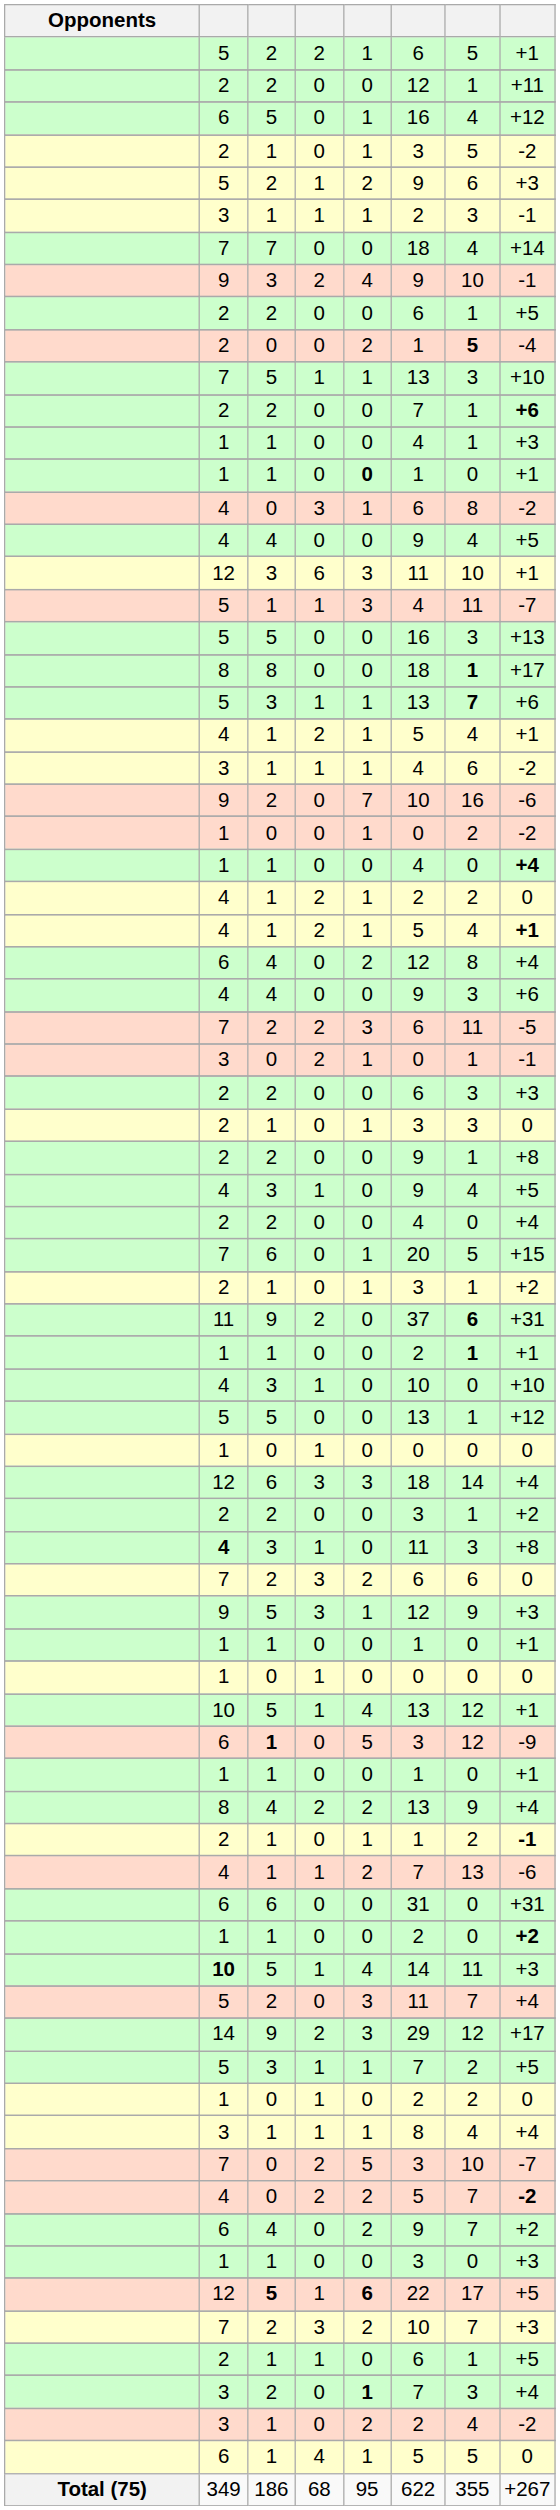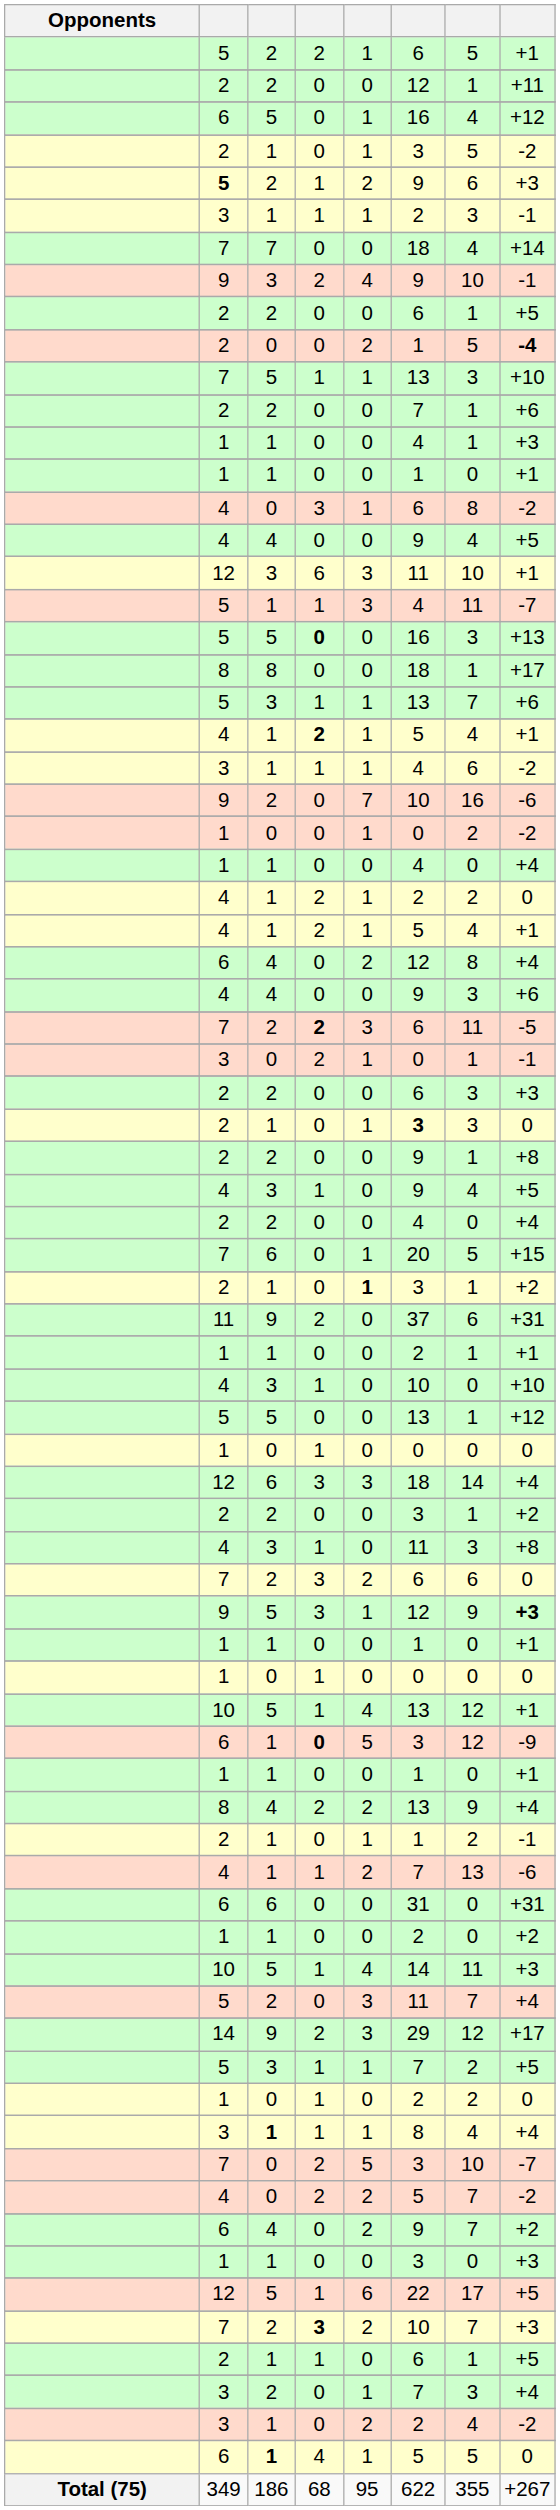 <table class="wikitable sortable collapsible collapsed" style="text-align: center; font-size: 100%;">
 <tr style="color:black;">
 <th style="width:145px;">Opponents</th>
 <th width=30></th>
 <th width=30></th>
 <th width=30></th>
 <th width=30></th>
 <th width=35></th>
 <th width=35></th>
 <th width=35></th>
 </tr>
 <tr bgcolor="#CCFFCC">
 <td style="text-align:left;"></td>
 <td>5</td>
 <td>2</td>
 <td>2</td>
 <td>1</td>
 <td>6</td>
 <td>5</td>
 <td>+1</td>
 </tr>
 <tr>
 </tr>
 <tr bgcolor="#CCFFCC">
 <td style="text-align:left;"></td>
 <td>2</td>
 <td>2</td>
 <td>0</td>
 <td>0</td>
 <td>12</td>
 <td>1</td>
 <td>+11</td>
 </tr>
 <tr>
 </tr>
 <tr bgcolor="#CCFFCC">
 <td style="text-align:left;"></td>
 <td>6</td>
 <td>5</td>
 <td>0</td>
 <td>1</td>
 <td>16</td>
 <td>4</td>
 <td>+12</td>
 </tr>
 <tr>
 </tr>
 <tr bgcolor="#FFFFCC">
 <td style="text-align:left;"></td>
 <td>2</td>
 <td>1</td>
 <td>0</td>
 <td>1</td>
 <td>3</td>
 <td>5</td>
 <td>-2</td>
 </tr>
 <tr>
 </tr>
 <tr bgcolor="#FFFFCC">
 <td style="text-align:left;"></td>
-<td>5</td>
+<td><strong>5</strong></td>
 <td>2</td>
 <td>1</td>
 <td>2</td>
 <td>9</td>
 <td>6</td>
 <td>+3</td>
 </tr>
 <tr>
 </tr>
 <tr bgcolor="#FFFFCC">
 <td style="text-align:left;"></td>
 <td>3</td>
 <td>1</td>
 <td>1</td>
 <td>1</td>
 <td>2</td>
 <td>3</td>
 <td>-1</td>
 </tr>
 <tr>
 </tr>
 <tr bgcolor="#CCFFCC">
 <td style="text-align:left;"></td>
 <td>7</td>
 <td>7</td>
 <td>0</td>
 <td>0</td>
 <td>18</td>
 <td>4</td>
 <td>+14</td>
 </tr>
 <tr>
 </tr>
 <tr bgcolor="#FFDACC">
 <td style="text-align:left;"></td>
 <td>9</td>
 <td>3</td>
 <td>2</td>
 <td>4</td>
 <td>9</td>
 <td>10</td>
 <td>-1</td>
 </tr>
 <tr>
 </tr>
 <tr bgcolor="#CCFFCC">
 <td style="text-align:left;"></td>
 <td>2</td>
 <td>2</td>
 <td>0</td>
 <td>0</td>
 <td>6</td>
 <td>1</td>
 <td>+5</td>
 </tr>
 <tr>
 </tr>
 <tr bgcolor="#FFDACC">
 <td style="text-align:left;"></td>
 <td>2</td>
 <td>0</td>
 <td>0</td>
 <td>2</td>
 <td>1</td>
-<td><strong>5</strong></td>
-<td>-4</td>
+<td>5</td>
+<td><strong>-4</strong></td>
 </tr>
 <tr>
 </tr>
 <tr bgcolor="#CCFFCC">
 <td style="text-align:left;"></td>
 <td>7</td>
 <td>5</td>
 <td>1</td>
 <td>1</td>
 <td>13</td>
 <td>3</td>
 <td>+10</td>
 </tr>
 <tr>
 </tr>
 <tr bgcolor="#CCFFCC">
 <td style="text-align:left;"></td>
 <td>2</td>
 <td>2</td>
 <td>0</td>
 <td>0</td>
 <td>7</td>
 <td>1</td>
-<td><strong>+6</strong></td>
+<td>+6</td>
 </tr>
 <tr>
 </tr>
 <tr bgcolor="#CCFFCC">
 <td style="text-align:left;"></td>
 <td>1</td>
 <td>1</td>
 <td>0</td>
 <td>0</td>
 <td>4</td>
 <td>1</td>
 <td>+3</td>
 </tr>
 <tr>
 </tr>
 <tr bgcolor="#CCFFCC">
 <td style="text-align:left;"></td>
 <td>1</td>
 <td>1</td>
 <td>0</td>
-<td><strong>0</strong></td>
+<td>0</td>
 <td>1</td>
 <td>0</td>
 <td>+1</td>
 </tr>
 <tr>
 </tr>
 <tr bgcolor="#FFDACC">
 <td style="text-align:left;"></td>
 <td>4</td>
 <td>0</td>
 <td>3</td>
 <td>1</td>
 <td>6</td>
 <td>8</td>
 <td>-2</td>
 </tr>
 <tr>
 </tr>
 <tr bgcolor="#CCFFCC">
 <td style="text-align:left;"></td>
 <td>4</td>
 <td>4</td>
 <td>0</td>
 <td>0</td>
 <td>9</td>
 <td>4</td>
 <td>+5</td>
 </tr>
 <tr>
 </tr>
 <tr bgcolor="#FFFFCC">
 <td style="text-align:left;"></td>
 <td>12</td>
 <td>3</td>
 <td>6</td>
 <td>3</td>
 <td>11</td>
 <td>10</td>
 <td>+1</td>
 </tr>
 <tr>
 </tr>
 <tr bgcolor="#FFDACC">
 <td style="text-align:left;"></td>
 <td>5</td>
 <td>1</td>
 <td>1</td>
 <td>3</td>
 <td>4</td>
 <td>11</td>
 <td>-7</td>
 </tr>
 <tr>
 </tr>
 <tr bgcolor="#CCFFCC">
 <td style="text-align:left;"></td>
 <td>5</td>
 <td>5</td>
-<td>0</td>
+<td><strong>0</strong></td>
 <td>0</td>
 <td>16</td>
 <td>3</td>
 <td>+13</td>
 </tr>
 <tr>
 </tr>
 <tr bgcolor="#CCFFCC">
 <td style="text-align:left;"></td>
 <td>8</td>
 <td>8</td>
 <td>0</td>
 <td>0</td>
 <td>18</td>
-<td><strong>1</strong></td>
+<td>1</td>
 <td>+17</td>
 </tr>
 <tr>
 </tr>
 <tr bgcolor="#CCFFCC">
 <td style="text-align:left;"></td>
 <td>5</td>
 <td>3</td>
 <td>1</td>
 <td>1</td>
 <td>13</td>
-<td><strong>7</strong></td>
+<td>7</td>
 <td>+6</td>
 </tr>
 <tr>
 </tr>
 <tr bgcolor="#FFFFCC">
 <td style="text-align:left;"></td>
 <td>4</td>
 <td>1</td>
-<td>2</td>
+<td><strong>2</strong></td>
 <td>1</td>
 <td>5</td>
 <td>4</td>
 <td>+1</td>
 </tr>
 <tr>
 </tr>
 <tr bgcolor="#FFFFCC">
 <td style="text-align:left;"></td>
 <td>3</td>
 <td>1</td>
 <td>1</td>
 <td>1</td>
 <td>4</td>
 <td>6</td>
 <td>-2</td>
 </tr>
 <tr>
 </tr>
 <tr bgcolor="#FFDACC">
 <td style="text-align:left;"></td>
 <td>9</td>
 <td>2</td>
 <td>0</td>
 <td>7</td>
 <td>10</td>
 <td>16</td>
 <td>-6</td>
 </tr>
 <tr>
 </tr>
 <tr bgcolor="#FFDACC">
 <td style="text-align:left;"></td>
 <td>1</td>
 <td>0</td>
 <td>0</td>
 <td>1</td>
 <td>0</td>
 <td>2</td>
 <td>-2</td>
 </tr>
 <tr>
 </tr>
 <tr bgcolor="#CCFFCC">
 <td style="text-align:left;"></td>
 <td>1</td>
 <td>1</td>
 <td>0</td>
 <td>0</td>
 <td>4</td>
 <td>0</td>
-<td><strong>+4</strong></td>
+<td>+4</td>
 </tr>
 <tr>
 </tr>
 <tr bgcolor="#FFFFCC">
 <td style="text-align:left;"></td>
 <td>4</td>
 <td>1</td>
 <td>2</td>
 <td>1</td>
 <td>2</td>
 <td>2</td>
 <td>0</td>
 </tr>
 <tr>
 </tr>
 <tr bgcolor="#FFFFCC">
 <td style="text-align:left;"></td>
 <td>4</td>
 <td>1</td>
 <td>2</td>
 <td>1</td>
 <td>5</td>
 <td>4</td>
-<td><strong>+1</strong></td>
+<td>+1</td>
 </tr>
 <tr>
 </tr>
 <tr bgcolor="#CCFFCC">
 <td style="text-align:left;"></td>
 <td>6</td>
 <td>4</td>
 <td>0</td>
 <td>2</td>
 <td>12</td>
 <td>8</td>
 <td>+4</td>
 </tr>
 <tr>
 </tr>
 <tr bgcolor="#CCFFCC">
 <td style="text-align:left;"></td>
 <td>4</td>
 <td>4</td>
 <td>0</td>
 <td>0</td>
 <td>9</td>
 <td>3</td>
 <td>+6</td>
 </tr>
 <tr>
 </tr>
 <tr bgcolor="#FFDACC">
 <td style="text-align:left;"></td>
 <td>7</td>
 <td>2</td>
-<td>2</td>
+<td><strong>2</strong></td>
 <td>3</td>
 <td>6</td>
 <td>11</td>
 <td>-5</td>
 </tr>
 <tr>
 </tr>
 <tr bgcolor="#FFDACC">
 <td style="text-align:left;"></td>
 <td>3</td>
 <td>0</td>
 <td>2</td>
 <td>1</td>
 <td>0</td>
 <td>1</td>
 <td>-1</td>
 </tr>
 <tr>
 </tr>
 <tr bgcolor="#CCFFCC">
 <td style="text-align:left;"></td>
 <td>2</td>
 <td>2</td>
 <td>0</td>
 <td>0</td>
 <td>6</td>
 <td>3</td>
 <td>+3</td>
 </tr>
 <tr>
 </tr>
 <tr bgcolor="#FFFFCC">
 <td style="text-align:left;"></td>
 <td>2</td>
 <td>1</td>
 <td>0</td>
 <td>1</td>
-<td>3</td>
+<td><strong>3</strong></td>
 <td>3</td>
 <td>0</td>
 </tr>
 <tr>
 </tr>
 <tr bgcolor="#CCFFCC">
 <td style="text-align:left;"></td>
 <td>2</td>
 <td>2</td>
 <td>0</td>
 <td>0</td>
 <td>9</td>
 <td>1</td>
 <td>+8</td>
 </tr>
 <tr>
 </tr>
 <tr bgcolor="#CCFFCC">
 <td style="text-align:left;"></td>
 <td>4</td>
 <td>3</td>
 <td>1</td>
 <td>0</td>
 <td>9</td>
 <td>4</td>
 <td>+5</td>
 </tr>
 <tr>
 </tr>
 <tr bgcolor="#CCFFCC">
 <td style="text-align:left;"></td>
 <td>2</td>
 <td>2</td>
 <td>0</td>
 <td>0</td>
 <td>4</td>
 <td>0</td>
 <td>+4</td>
 </tr>
 <tr>
 </tr>
 <tr bgcolor="#CCFFCC">
 <td style="text-align:left;"></td>
 <td>7</td>
 <td>6</td>
 <td>0</td>
 <td>1</td>
 <td>20</td>
 <td>5</td>
 <td>+15</td>
 </tr>
 <tr>
 </tr>
 <tr bgcolor="#FFFFCC">
 <td style="text-align:left;"></td>
 <td>2</td>
 <td>1</td>
 <td>0</td>
-<td>1</td>
+<td><strong>1</strong></td>
 <td>3</td>
 <td>1</td>
 <td>+2</td>
 </tr>
 <tr>
 </tr>
 <tr bgcolor="#CCFFCC">
 <td style="text-align:left;"></td>
 <td>11</td>
 <td>9</td>
 <td>2</td>
 <td>0</td>
 <td>37</td>
-<td><strong>6</strong></td>
+<td>6</td>
 <td>+31</td>
 </tr>
 <tr>
 </tr>
 <tr bgcolor="#CCFFCC">
 <td style="text-align:left;"></td>
 <td>1</td>
 <td>1</td>
 <td>0</td>
 <td>0</td>
 <td>2</td>
-<td><strong>1</strong></td>
+<td>1</td>
 <td>+1</td>
 </tr>
 <tr>
 </tr>
 <tr bgcolor="#CCFFCC">
 <td style="text-align:left;"></td>
 <td>4</td>
 <td>3</td>
 <td>1</td>
 <td>0</td>
 <td>10</td>
 <td>0</td>
 <td>+10</td>
 </tr>
 <tr>
 </tr>
 <tr bgcolor="#CCFFCC">
 <td style="text-align:left;"></td>
 <td>5</td>
 <td>5</td>
 <td>0</td>
 <td>0</td>
 <td>13</td>
 <td>1</td>
 <td>+12</td>
 </tr>
 <tr>
 </tr>
 <tr bgcolor="#FFFFCC">
 <td style="text-align:left;"></td>
 <td>1</td>
 <td>0</td>
 <td>1</td>
 <td>0</td>
 <td>0</td>
 <td>0</td>
 <td>0</td>
 </tr>
 <tr>
 </tr>
 <tr bgcolor="#CCFFCC">
 <td style="text-align:left;"></td>
 <td>12</td>
 <td>6</td>
 <td>3</td>
 <td>3</td>
 <td>18</td>
 <td>14</td>
 <td>+4</td>
 </tr>
 <tr>
 </tr>
 <tr bgcolor="#CCFFCC">
 <td style="text-align:left;"></td>
 <td>2</td>
 <td>2</td>
 <td>0</td>
 <td>0</td>
 <td>3</td>
 <td>1</td>
 <td>+2</td>
 </tr>
 <tr>
 </tr>
 <tr bgcolor="#CCFFCC">
 <td style="text-align:left;"></td>
-<td><strong>4</strong></td>
+<td>4</td>
 <td>3</td>
 <td>1</td>
 <td>0</td>
 <td>11</td>
 <td>3</td>
 <td>+8</td>
 </tr>
 <tr>
 </tr>
 <tr bgcolor="#FFFFCC">
 <td style="text-align:left;"></td>
 <td>7</td>
 <td>2</td>
 <td>3</td>
 <td>2</td>
 <td>6</td>
 <td>6</td>
 <td>0</td>
 </tr>
 <tr>
 </tr>
 <tr bgcolor="#CCFFCC">
 <td style="text-align:left;"></td>
 <td>9</td>
 <td>5</td>
 <td>3</td>
 <td>1</td>
 <td>12</td>
 <td>9</td>
-<td>+3</td>
+<td><strong>+3</strong></td>
 </tr>
 <tr>
 </tr>
 <tr bgcolor="#CCFFCC">
 <td style="text-align:left;"></td>
 <td>1</td>
 <td>1</td>
 <td>0</td>
 <td>0</td>
 <td>1</td>
 <td>0</td>
 <td>+1</td>
 </tr>
 <tr>
 </tr>
 <tr bgcolor="#FFFFCC">
 <td style="text-align:left;"></td>
 <td>1</td>
 <td>0</td>
 <td>1</td>
 <td>0</td>
 <td>0</td>
 <td>0</td>
 <td>0</td>
 </tr>
 <tr>
 </tr>
 <tr bgcolor="#CCFFCC">
 <td style="text-align:left;"></td>
 <td>10</td>
 <td>5</td>
 <td>1</td>
 <td>4</td>
 <td>13</td>
 <td>12</td>
 <td>+1</td>
 </tr>
 <tr>
 </tr>
 <tr bgcolor="#FFDACC">
 <td style="text-align:left;"></td>
 <td>6</td>
-<td><strong>1</strong></td>
-<td>0</td>
+<td>1</td>
+<td><strong>0</strong></td>
 <td>5</td>
 <td>3</td>
 <td>12</td>
 <td>-9</td>
 </tr>
 <tr>
 </tr>
 <tr bgcolor="#CCFFCC">
 <td style="text-align:left;"></td>
 <td>1</td>
 <td>1</td>
 <td>0</td>
 <td>0</td>
 <td>1</td>
 <td>0</td>
 <td>+1</td>
 </tr>
 <tr>
 </tr>
 <tr bgcolor="#CCFFCC">
 <td style="text-align:left;"></td>
 <td>8</td>
 <td>4</td>
 <td>2</td>
 <td>2</td>
 <td>13</td>
 <td>9</td>
 <td>+4</td>
 </tr>
 <tr>
 </tr>
 <tr bgcolor="#FFFFCC">
 <td style="text-align:left;"></td>
 <td>2</td>
 <td>1</td>
 <td>0</td>
 <td>1</td>
 <td>1</td>
 <td>2</td>
-<td><strong>-1</strong></td>
+<td>-1</td>
 </tr>
 <tr>
 </tr>
 <tr bgcolor="#FFDACC">
 <td style="text-align:left;"></td>
 <td>4</td>
 <td>1</td>
 <td>1</td>
 <td>2</td>
 <td>7</td>
 <td>13</td>
 <td>-6</td>
 </tr>
 <tr>
 </tr>
 <tr bgcolor="#CCFFCC">
 <td style="text-align:left;"></td>
 <td>6</td>
 <td>6</td>
 <td>0</td>
 <td>0</td>
 <td>31</td>
 <td>0</td>
 <td>+31</td>
 </tr>
 <tr>
 </tr>
 <tr bgcolor="#CCFFCC">
 <td style="text-align:left;"></td>
 <td>1</td>
 <td>1</td>
 <td>0</td>
 <td>0</td>
 <td>2</td>
 <td>0</td>
-<td><strong>+2</strong></td>
+<td>+2</td>
 </tr>
 <tr>
 </tr>
 <tr bgcolor="#CCFFCC">
 <td style="text-align:left;"></td>
-<td><strong>10</strong></td>
+<td>10</td>
 <td>5</td>
 <td>1</td>
 <td>4</td>
 <td>14</td>
 <td>11</td>
 <td>+3</td>
 </tr>
 <tr>
 </tr>
 <tr bgcolor="#FFDACC">
 <td style="text-align:left;"></td>
 <td>5</td>
 <td>2</td>
 <td>0</td>
 <td>3</td>
 <td>11</td>
 <td>7</td>
 <td>+4</td>
 </tr>
 <tr>
 </tr>
 <tr bgcolor="#CCFFCC">
 <td style="text-align:left;"></td>
 <td>14</td>
 <td>9</td>
 <td>2</td>
 <td>3</td>
 <td>29</td>
 <td>12</td>
 <td>+17</td>
 </tr>
 <tr>
 </tr>
 <tr bgcolor="#CCFFCC">
 <td style="text-align:left;"></td>
 <td>5</td>
 <td>3</td>
 <td>1</td>
 <td>1</td>
 <td>7</td>
 <td>2</td>
 <td>+5</td>
 </tr>
 <tr>
 </tr>
 <tr bgcolor="#FFFFCC">
 <td style="text-align:left;"></td>
 <td>1</td>
 <td>0</td>
 <td>1</td>
 <td>0</td>
 <td>2</td>
 <td>2</td>
 <td>0</td>
 </tr>
 <tr>
 </tr>
 <tr bgcolor="#FFFFCC">
 <td style="text-align:left;"></td>
 <td>3</td>
-<td>1</td>
+<td><strong>1</strong></td>
 <td>1</td>
 <td>1</td>
 <td>8</td>
 <td>4</td>
 <td>+4</td>
 </tr>
 <tr>
 </tr>
 <tr bgcolor="#FFDACC">
 <td style="text-align:left;"></td>
 <td>7</td>
 <td>0</td>
 <td>2</td>
 <td>5</td>
 <td>3</td>
 <td>10</td>
 <td>-7</td>
 </tr>
 <tr>
 </tr>
 <tr bgcolor="#FFDACC">
 <td style="text-align:left;"></td>
 <td>4</td>
 <td>0</td>
 <td>2</td>
 <td>2</td>
 <td>5</td>
 <td>7</td>
-<td><strong>-2</strong></td>
+<td>-2</td>
 </tr>
 <tr>
 </tr>
 <tr bgcolor="#CCFFCC">
 <td style="text-align:left;"></td>
 <td>6</td>
 <td>4</td>
 <td>0</td>
 <td>2</td>
 <td>9</td>
 <td>7</td>
 <td>+2</td>
 </tr>
 <tr>
 </tr>
 <tr bgcolor="#CCFFCC">
 <td style="text-align:left;"></td>
 <td>1</td>
 <td>1</td>
 <td>0</td>
 <td>0</td>
 <td>3</td>
 <td>0</td>
 <td>+3</td>
 </tr>
 <tr>
 </tr>
 <tr bgcolor="#FFDACC">
 <td style="text-align:left;"></td>
 <td>12</td>
-<td><strong>5</strong></td>
+<td>5</td>
 <td>1</td>
-<td><strong>6</strong></td>
+<td>6</td>
 <td>22</td>
 <td>17</td>
 <td>+5</td>
 </tr>
 <tr>
 </tr>
 <tr bgcolor="#FFFFCC">
 <td style="text-align:left;"></td>
 <td>7</td>
 <td>2</td>
-<td>3</td>
+<td><strong>3</strong></td>
 <td>2</td>
 <td>10</td>
 <td>7</td>
 <td>+3</td>
 </tr>
 <tr>
 </tr>
 <tr bgcolor="#CCFFCC">
 <td style="text-align:left;"></td>
 <td>2</td>
 <td>1</td>
 <td>1</td>
 <td>0</td>
 <td>6</td>
 <td>1</td>
 <td>+5</td>
 </tr>
 <tr>
 </tr>
 <tr bgcolor="#CCFFCC">
 <td style="text-align:left;"></td>
 <td>3</td>
 <td>2</td>
 <td>0</td>
-<td><strong>1</strong></td>
+<td>1</td>
 <td>7</td>
 <td>3</td>
 <td>+4</td>
 </tr>
 <tr>
 </tr>
 <tr bgcolor="#FFDACC">
 <td style="text-align:left;"></td>
 <td>3</td>
 <td>1</td>
 <td>0</td>
 <td>2</td>
 <td>2</td>
 <td>4</td>
 <td>-2</td>
 </tr>
 <tr>
 </tr>
 <tr bgcolor="#FFFFCC">
 <td style="text-align:left;"></td>
 <td>6</td>
-<td>1</td>
+<td><strong>1</strong></td>
 <td>4</td>
 <td>1</td>
 <td>5</td>
 <td>5</td>
 <td>0</td>
 </tr>
 <tr class="sortbottom">
 <th>Total (75)</th>
 <td>349</td>
 <td>186</td>
 <td>68</td>
 <td>95</td>
 <td>622</td>
 <td>355</td>
 <td>+267</td>
 </tr>
 </table>
